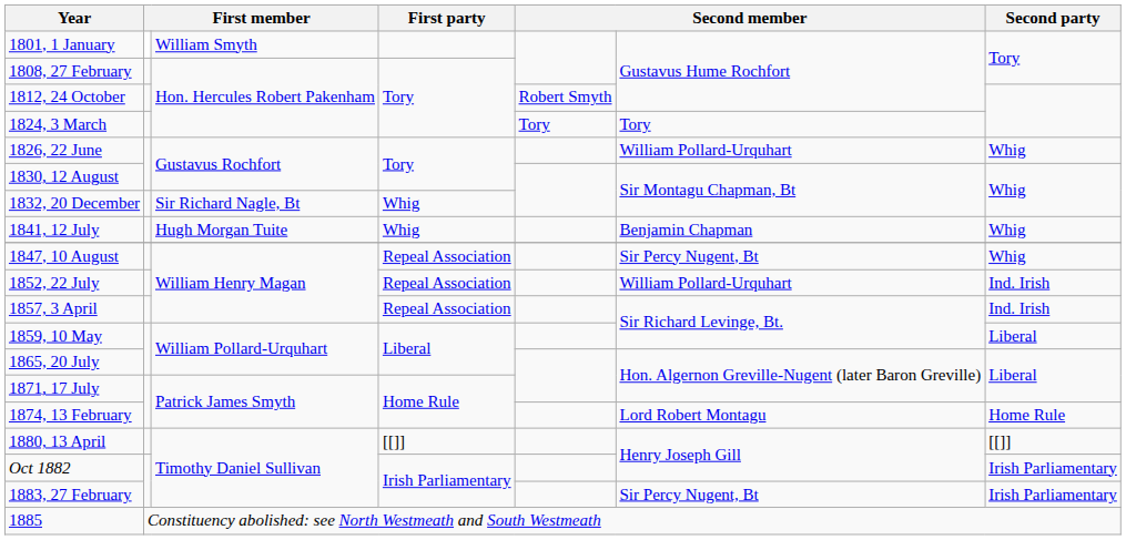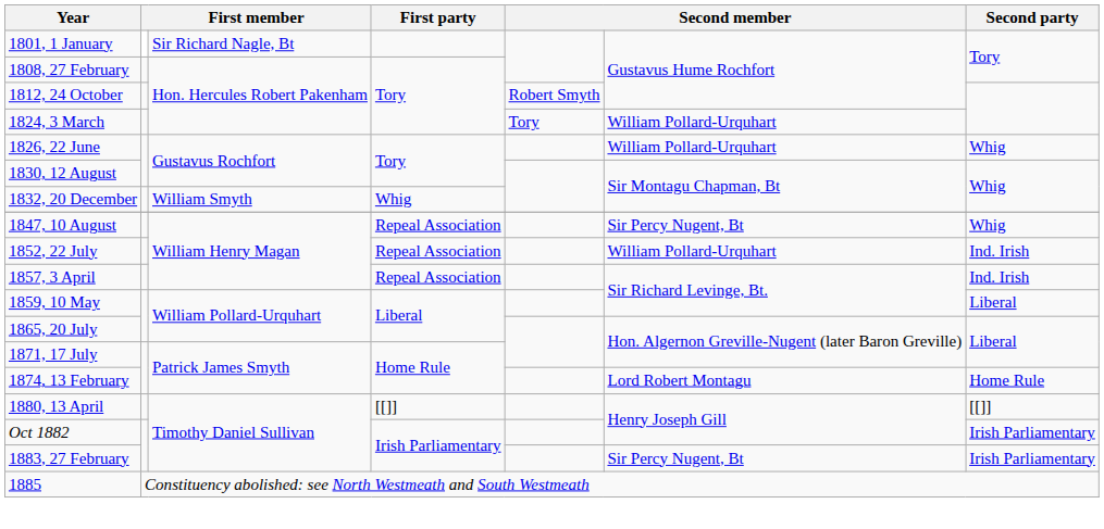 <table class="wikitable">
 <tr>
 <th>Year</th>
 <th colspan="2">First member</th>
 <th>First party</th>
 <th colspan="2">Second member</th>
 <th>Second party</th>
 </tr>
 <tr>
 <td><a href='#'>1801, 1 January</a></td>
 <td style="color:inherit;background-color: white"></td>
-<td><a href='#'>William Smyth</a></td>
+<td><a href='#'>Sir Richard Nagle, Bt</a></td>
 <td></td>
 <td rowspan="2" style="color:inherit;background-color: "></td>
 <td rowspan="3"><a href='#'>Gustavus Hume Rochfort</a></td>
 <td rowspan="2"><a href='#'>Tory</a></td>
 </tr>
 <tr>
 <td><a href='#'>1808, 27 February</a></td>
 <td style="color:inherit;background-color: "></td>
 <td rowspan="3"><a href='#'>Hon. Hercules Robert Pakenham</a></td>
 <td rowspan="3"><a href='#'>Tory</a></td>
 </tr>
 <tr>
 <td><a href='#'>1812, 24 October</a></td>
 <td style="color:inherit;background-color: "></td>
 <td><a href='#'>Robert Smyth</a></td>
 </tr>
 <tr>
 <td><a href='#'>1824, 3 March</a></td>
 <td style="color:inherit;background-color: "></td>
 <td><a href='#'>Tory</a></td>
-<td><a href='#'>Tory</a></td>
+<td><a href='#'>William Pollard-Urquhart</a> 	       </td>
 </tr>
 <tr>
 <td><a href='#'>1826, 22 June</a></td>
 <td rowspan="2" style="color:inherit;background-color: "></td>
 <td rowspan="2"><a href='#'>Gustavus Rochfort</a></td>
 <td rowspan="2"><a href='#'>Tory</a></td>
 <td style="color:inherit;background-color: "></td>
 <td><a href='#'>William Pollard-Urquhart</a> 	       </td>
 <td><a href='#'>Whig</a></td>
 </tr>
 <tr>
 <td><a href='#'>1830, 12 August</a></td>
 <td rowspan="2" style="color:inherit;background-color: "></td>
 <td rowspan="2"><a href='#'>Sir Montagu Chapman, Bt</a></td>
 <td rowspan="2"><a href='#'>Whig</a></td>
 </tr>
 <tr>
 <td><a href='#'>1832, 20 December</a></td>
 <td style="color:inherit;background-color: "></td>
-<td><a href='#'>Sir Richard Nagle, Bt</a></td>
-<td><a href='#'>Whig</a></td>
-</tr>
-<tr>
-<td><a href='#'>1841, 12 July</a></td>
-<td style="color:inherit;background-color: "></td>
-<td><a href='#'>Hugh Morgan Tuite</a></td>
-<td><a href='#'>Whig</a></td>
-<td style="color:inherit;background-color: "></td>
-<td><a href='#'>Benjamin Chapman</a></td>
+<td><a href='#'>William Smyth</a></td>
 <td><a href='#'>Whig</a></td>
 </tr>
 <tr>
 </tr>
 <tr>
 <td><a href='#'>1847, 10 August</a></td>
 <td style="color:inherit;background-color: "></td>
 <td rowspan="3"><a href='#'>William Henry Magan</a>   	       </td>
 <td><a href='#'>Repeal Association</a></td>
 <td style="color:inherit;background-color: "></td>
 <td><a href='#'>Sir Percy Nugent, Bt</a> 	</td>
 <td><a href='#'>Whig</a></td>
 </tr>
 <tr>
 <td><a href='#'>1852, 22 July</a></td>
 <td style="color:inherit;background-color: "></td>
 <td><a href='#'>Repeal Association</a></td>
 <td style="color:inherit;background-color: "></td>
 <td><a href='#'>William Pollard-Urquhart</a> 	       </td>
 <td><a href='#'>Ind. Irish</a></td>
 </tr>
 <tr>
 <td><a href='#'>1857, 3 April</a></td>
 <td style="color:inherit;background-color: "></td>
 <td><a href='#'>Repeal Association</a></td>
 <td style="color:inherit;background-color: "></td>
 <td rowspan="2"><a href='#'>Sir Richard Levinge, Bt.</a>  	 </td>
 <td><a href='#'>Ind. Irish</a></td>
 </tr>
 <tr>
 <td><a href='#'>1859, 10 May</a></td>
 <td rowspan="2" style="color:inherit;background-color: "></td>
 <td rowspan="2"><a href='#'>William Pollard-Urquhart</a>  	       </td>
 <td rowspan="2"><a href='#'>Liberal</a></td>
 <td style="color:inherit;background-color: "></td>
 <td><a href='#'>Liberal</a></td>
 </tr>
 <tr>
 <td><a href='#'>1865, 20 July</a></td>
 <td rowspan="2" style="color:inherit;background-color: "></td>
 <td rowspan="2"><a href='#'>Hon. Algernon Greville-Nugent</a> (later Baron Greville)  	</td>
 <td rowspan="2"><a href='#'>Liberal</a></td>
 </tr>
 <tr>
 <td><a href='#'>1871, 17 July</a></td>
 <td rowspan="2" style="color:inherit;background-color: "></td>
 <td rowspan="2"><a href='#'>Patrick James Smyth</a>   	       </td>
 <td rowspan="2"><a href='#'>Home Rule</a></td>
 </tr>
 <tr>
 <td><a href='#'>1874, 13 February</a></td>
 <td style="color:inherit;background-color: "></td>
 <td><a href='#'>Lord Robert Montagu</a> 	</td>
 <td><a href='#'>Home Rule</a></td>
 </tr>
 <tr>
 <td><a href='#'>1880, 13 April</a></td>
 <td style="color:inherit;background-color: "></td>
 <td rowspan="3"><a href='#'>Timothy Daniel Sullivan</a>   	</td>
 <td>[[]]</td>
 <td style="color:inherit;background-color: "></td>
 <td rowspan="2"><a href='#'>Henry Joseph Gill</a> 	       </td>
 <td>[[]]</td>
 </tr>
 <tr>
 <td><em>Oct 1882</em></td>
 <td rowspan="2" style="color:inherit;background-color: "></td>
 <td rowspan="2"><a href='#'>Irish Parliamentary</a></td>
 <td style="color:inherit;background-color: "></td>
 <td><a href='#'>Irish Parliamentary</a></td>
 </tr>
 <tr>
 <td><a href='#'>1883, 27 February</a></td>
 <td style="color:inherit;background-color: "></td>
 <td><a href='#'>Sir Percy Nugent, Bt</a> 	</td>
 <td><a href='#'>Irish Parliamentary</a></td>
 </tr>
 <tr>
 <td><a href='#'>1885</a></td>
 <td colspan="6"><em>Constituency abolished: see <a href='#'>North Westmeath</a> and <a href='#'>South Westmeath</a></em></td>
 </tr>
 </table>
